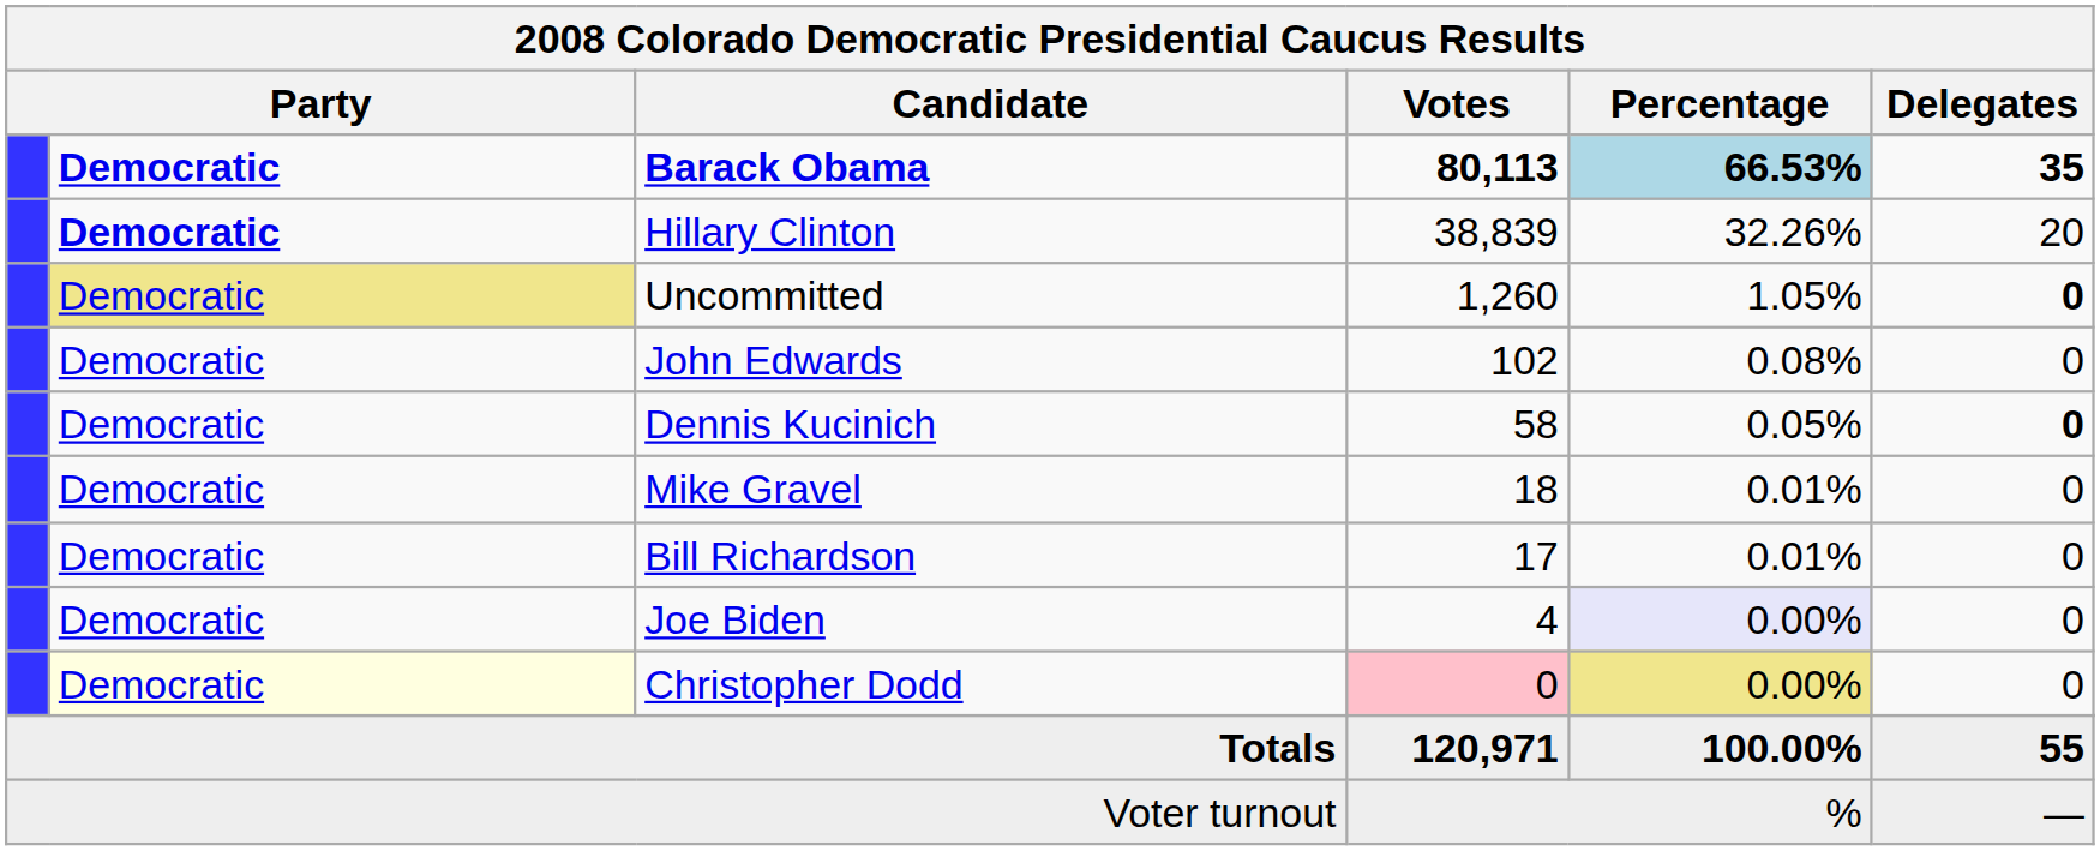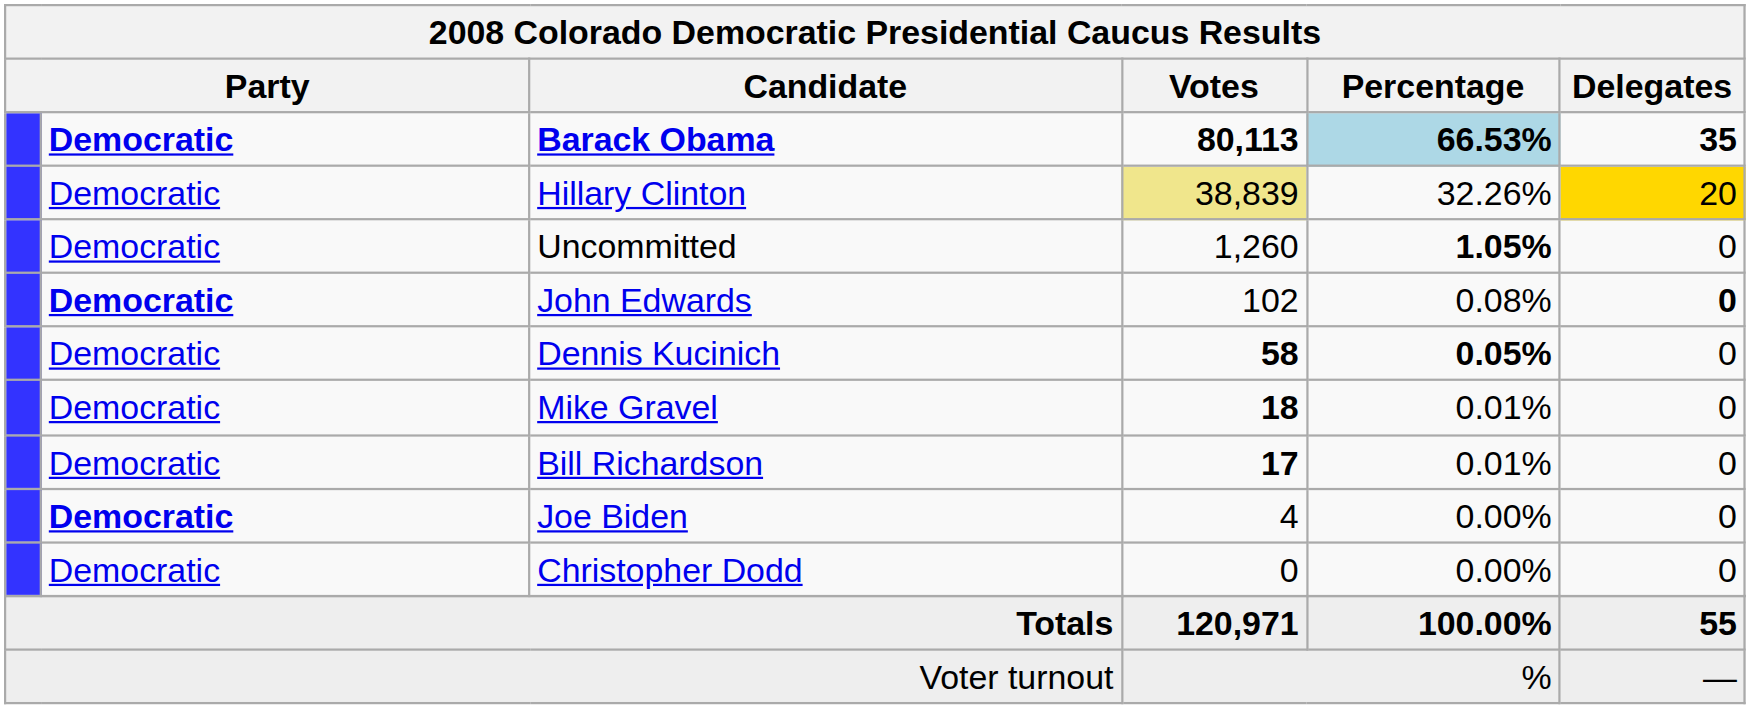 <table class="wikitable" style="font-size:95%;">
 <tr>
 <th colspan="7">2008 Colorado Democratic Presidential Caucus Results</th>
 </tr>
 <tr>
 <th colspan="2" style="width: 15em">Party</th>
 <th style="width: 17em">Candidate</th>
 <th style="width: 5em">Votes</th>
 <th style="width: 7em">Percentage</th>
 <th style="width: 5em">Delegates</th>
 </tr>
 <tr>
 <th style="background-color:#3333FF; width: 3px"></th>
 <td style="width: 130px"><strong><a href='#'>Democratic</a></strong></td>
 <td><strong><a href='#'>Barack Obama</a></strong></td>
 <td align="right"><strong>80,113</strong></td>
 <td align="right" style="background: lightblue;"><strong>66.53%</strong></td>
 <td align="right"><strong>35</strong></td>
 </tr>
 <tr>
 <th style="background-color:#3333FF; width: 3px"></th>
-<td style="width: 130px"><strong><a href='#'>Democratic</a></strong></td>
+<td style="width: 130px"><a href='#'>Democratic</a></td>
 <td><a href='#'>Hillary Clinton</a></td>
-<td align="right">38,839</td>
+<td align="right" style="background: khaki;">38,839</td>
 <td align="right">32.26%</td>
-<td align="right">20</td>
+<td align="right" style="background: gold;">20</td>
 </tr>
 <tr>
 <th style="background-color:#3333FF; width: 3px"></th>
-<td style="background: khaki; width: 130px"><a href='#'>Democratic</a></td>
+<td style="width: 130px"><a href='#'>Democratic</a></td>
 <td>Uncommitted</td>
 <td align="right">1,260</td>
-<td align="right">1.05%</td>
+<td align="right"><strong>1.05%</strong></td>
+<td align="right">0</td>
+</tr>
+<tr>
+<th style="background-color:#3333FF; width: 3px"></th>
+<td style="width: 130px"><strong><a href='#'>Democratic</a></strong></td>
+<td><a href='#'>John Edwards</a></td>
+<td align="right">102</td>
+<td align="right">0.08%</td>
 <td align="right"><strong>0</strong></td>
 </tr>
 <tr>
 <th style="background-color:#3333FF; width: 3px"></th>
 <td style="width: 130px"><a href='#'>Democratic</a></td>
-<td><a href='#'>John Edwards</a></td>
-<td align="right">102</td>
-<td align="right">0.08%</td>
+<td><a href='#'>Dennis Kucinich</a></td>
+<td align="right"><strong>58</strong></td>
+<td align="right"><strong>0.05%</strong></td>
 <td align="right">0</td>
 </tr>
 <tr>
 <th style="background-color:#3333FF; width: 3px"></th>
 <td style="width: 130px"><a href='#'>Democratic</a></td>
-<td><a href='#'>Dennis Kucinich</a></td>
-<td align="right">58</td>
-<td align="right">0.05%</td>
-<td align="right"><strong>0</strong></td>
-</tr>
-<tr>
-<th style="background-color:#3333FF; width: 3px"></th>
-<td style="width: 130px"><a href='#'>Democratic</a></td>
 <td><a href='#'>Mike Gravel</a></td>
-<td align="right">18</td>
+<td align="right"><strong>18</strong></td>
 <td align="right">0.01%</td>
 <td align="right">0</td>
 </tr>
 <tr>
 <th style="background-color:#3333FF; width: 3px"></th>
 <td style="width: 130px"><a href='#'>Democratic</a></td>
 <td><a href='#'>Bill Richardson</a></td>
-<td align="right">17</td>
+<td align="right"><strong>17</strong></td>
 <td align="right">0.01%</td>
 <td align="right">0</td>
 </tr>
 <tr>
 <th style="background-color:#3333FF; width: 3px"></th>
-<td style="width: 130px"><a href='#'>Democratic</a></td>
+<td style="width: 130px"><strong><a href='#'>Democratic</a></strong></td>
 <td><a href='#'>Joe Biden</a></td>
 <td align="right">4</td>
-<td align="right" style="background: lavender;">0.00%</td>
+<td align="right">0.00%</td>
 <td align="right">0</td>
 </tr>
 <tr>
 <th style="background-color:#3333FF; width: 3px"></th>
-<td style="background: lightyellow; width: 130px"><a href='#'>Democratic</a></td>
+<td style="width: 130px"><a href='#'>Democratic</a></td>
 <td><a href='#'>Christopher Dodd</a></td>
-<td align="right" style="background: pink;">0</td>
-<td align="right" style="background: khaki;">0.00%</td>
+<td align="right">0</td>
+<td align="right">0.00%</td>
 <td align="right">0</td>
 </tr>
 <tr>
 </tr>
 <tr bgcolor="#EEEEEE">
 <td colspan="3" align="right"><strong>Totals</strong></td>
 <td align="right"><strong>120,971</strong></td>
 <td align="right"><strong>100.00%</strong></td>
 <td align="right"><strong>55</strong></td>
 </tr>
 <tr bgcolor="#EEEEEE">
 <td colspan="3" align="right">Voter turnout</td>
 <td colspan="2" align="right">%</td>
 <td align="right">—</td>
 </tr>
 </table>
